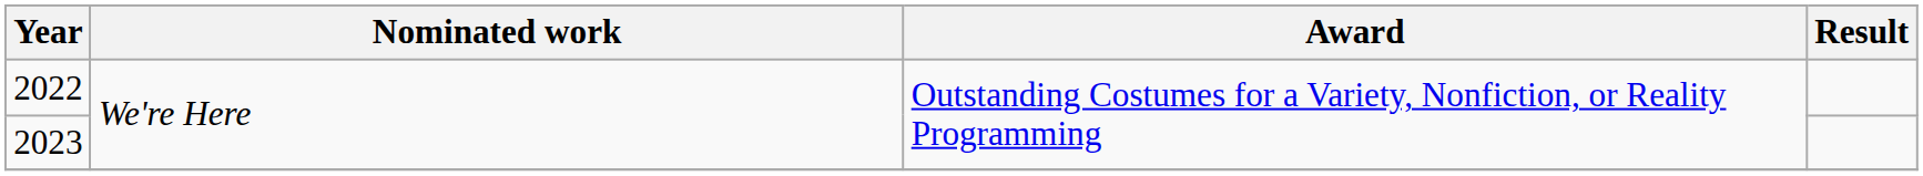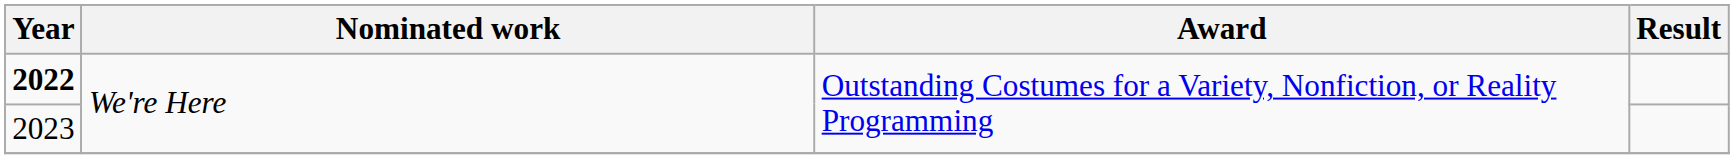 <table class="wikitable" style="width:70%;">
 <tr>
 <th style="width:3%;">Year</th>
 <th style="width:45%;">Nominated work</th>
 <th style="width:50%;">Award</th>
 <th style="width:5%;">Result</th>
 </tr>
 <tr>
-<td align="center">2022</td>
+<td align="center"><strong>2022</strong></td>
 <td rowspan="2"><em>We're Here</em></td>
 <td rowspan="2"><a href='#'>Outstanding Costumes for a Variety, Nonfiction, or Reality Programming</a></td>
 <td></td>
 </tr>
 <tr>
 <td align="center">2023</td>
 <td></td>
 </tr>
 <tr>
 </tr>
 </table>
